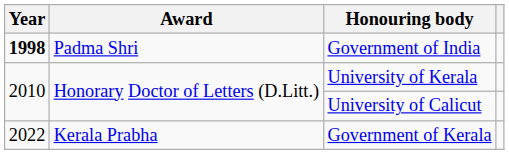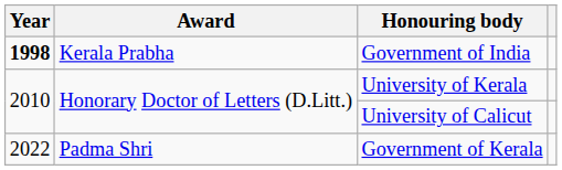 <table class="wikitable">
 <tr>
 <th>Year</th>
 <th>Award</th>
 <th>Honouring body</th>
 <th></th>
 </tr>
 <tr>
 <td><strong>1998</strong></td>
-<td><a href='#'>Padma Shri</a></td>
+<td><a href='#'>Kerala Prabha</a></td>
 <td><a href='#'>Government of India</a></td>
 <td></td>
 </tr>
 <tr>
 <td rowspan="2">2010</td>
 <td rowspan="2"><a href='#'>Honorary</a> <a href='#'>Doctor of Letters</a> (D.Litt.)</td>
 <td><a href='#'>University of Kerala</a></td>
 <td></td>
 </tr>
 <tr>
 <td><a href='#'>University of Calicut</a></td>
 <td></td>
 </tr>
 <tr>
 <td>2022</td>
-<td><a href='#'>Kerala Prabha</a></td>
+<td><a href='#'>Padma Shri</a></td>
 <td><a href='#'>Government of Kerala</a></td>
 <td></td>
 </tr>
 </table>
